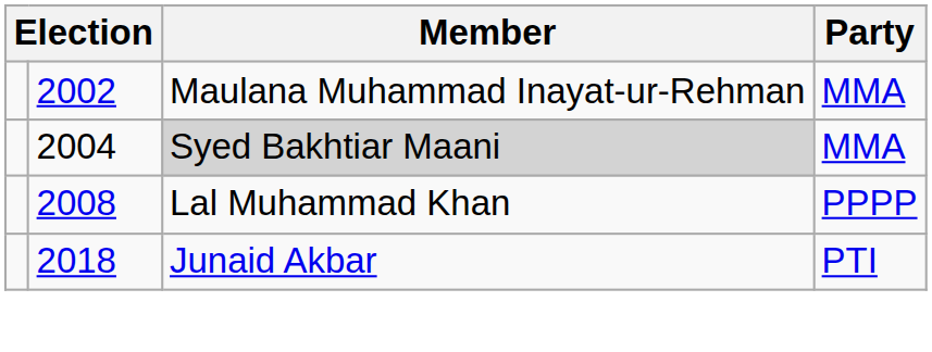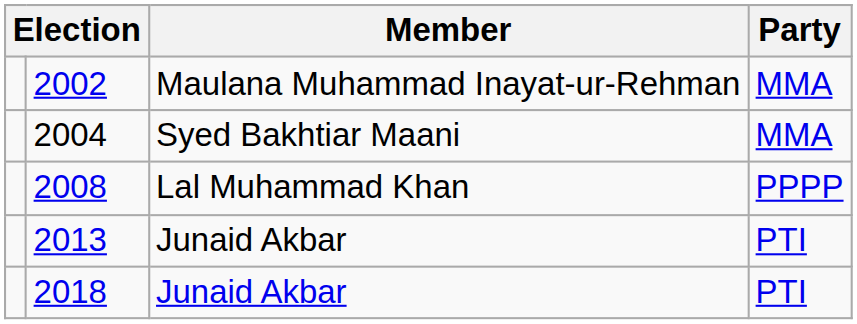 <table class="wikitable">
 <tr>
 <th colspan="2">Election</th>
 <th>Member</th>
 <th>Party</th>
 </tr>
 <tr>
 <td style="background-color: "></td>
 <td><a href='#'>2002</a></td>
 <td>Maulana Muhammad Inayat-ur-Rehman</td>
 <td><a href='#'>MMA</a></td>
 </tr>
 <tr>
 <td style="background-color: "></td>
 <td>2004</td>
-<td style="background: lightgrey;">Syed Bakhtiar Maani</td>
+<td>Syed Bakhtiar Maani</td>
 <td><a href='#'>MMA</a></td>
 </tr>
 <tr>
 <td style="background-color: "></td>
 <td><a href='#'>2008</a></td>
 <td>Lal Muhammad Khan</td>
 <td><a href='#'>PPPP</a></td>
 </tr>
 <tr>
 <td style="background-color: "></td>
+<td><a href='#'>2013</a></td>
+<td>Junaid Akbar</td>
+<td><a href='#'>PTI</a></td>
+</tr>
+<tr>
+<td style="background-color: "></td>
 <td><a href='#'>2018</a></td>
 <td><a href='#'>Junaid Akbar</a></td>
 <td><a href='#'>PTI</a></td>
 </tr>
 </table>
